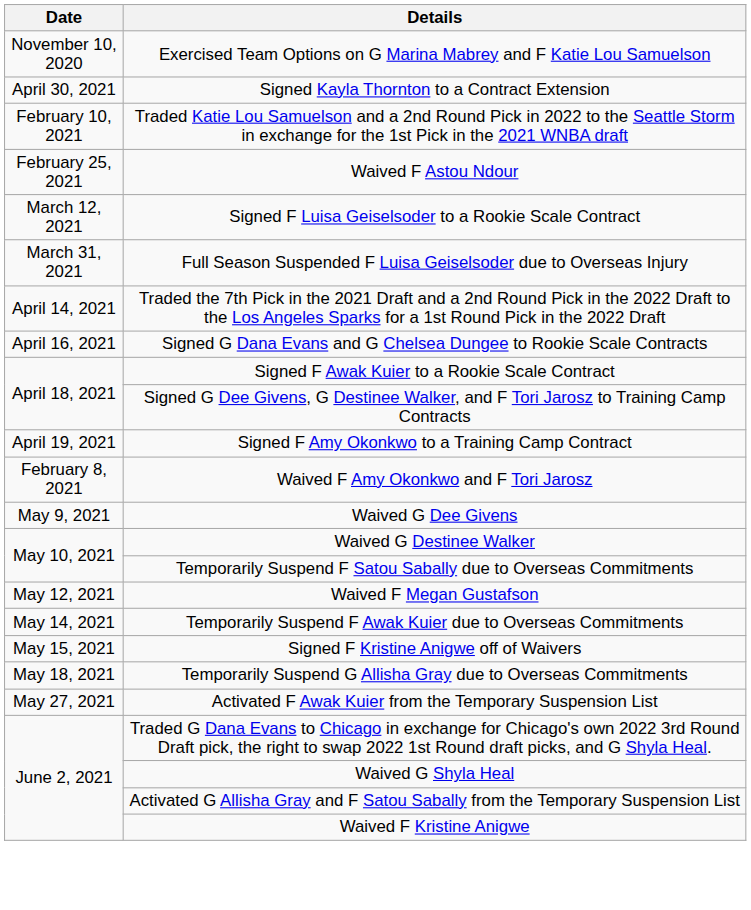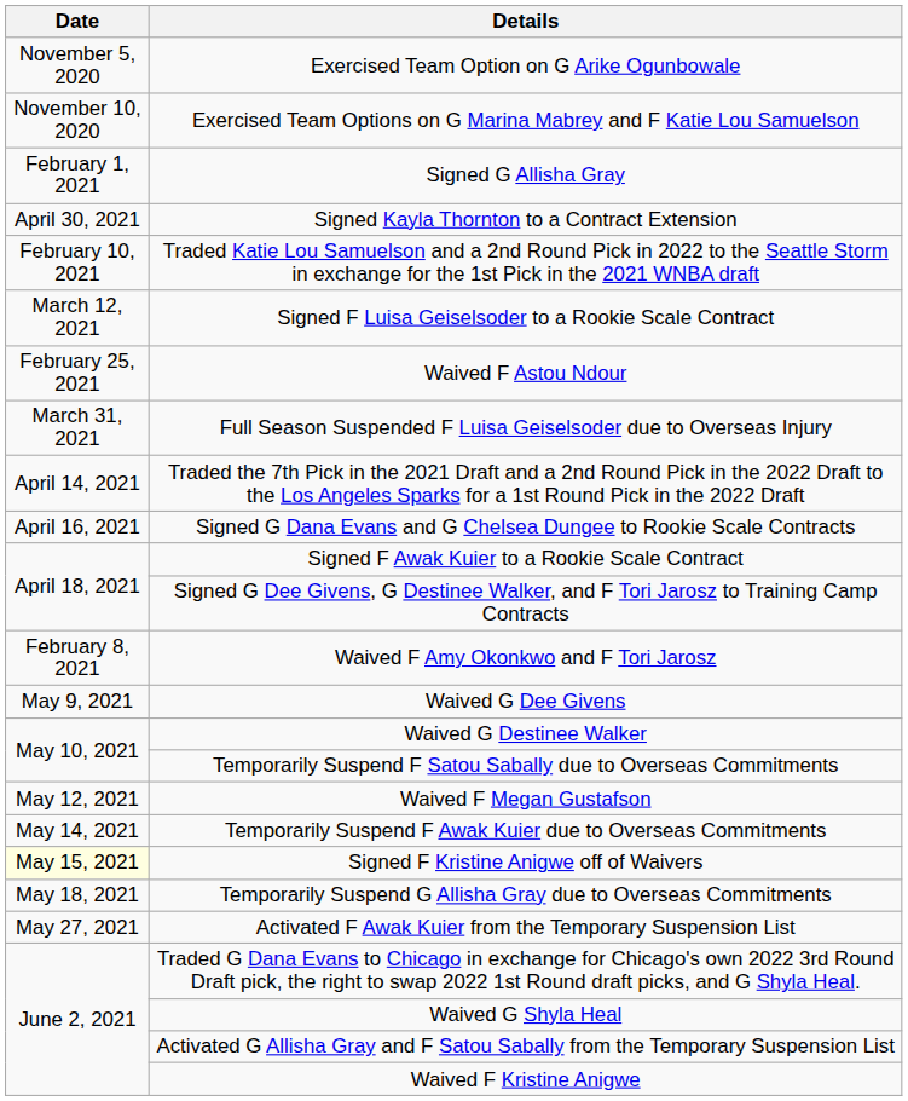 <table class="wikitable" style="width:80%; text-align: center;">
 <tr>
 <th>Date</th>
 <th>Details</th>
 </tr>
 <tr>
+<td>November 5, 2020</td>
+<td>Exercised Team Option on G <a href='#'>Arike Ogunbowale</a></td>
+</tr>
+<tr>
 <td>November 10, 2020</td>
 <td>Exercised Team Options on G <a href='#'>Marina Mabrey</a> and F <a href='#'>Katie Lou Samuelson</a></td>
+</tr>
+<tr>
+<td>February 1, 2021</td>
+<td>Signed G <a href='#'>Allisha Gray</a></td>
 </tr>
 <tr>
 <td>April 30, 2021</td>
 <td>Signed <a href='#'>Kayla Thornton</a> to a Contract Extension</td>
 </tr>
 <tr>
 <td>February 10, 2021</td>
 <td>Traded <a href='#'>Katie Lou Samuelson</a> and a 2nd Round Pick in 2022 to the <a href='#'>Seattle Storm</a> in exchange for the 1st Pick in the <a href='#'>2021 WNBA draft</a></td>
 </tr>
 <tr>
+<td>March 12, 2021</td>
+<td>Signed F <a href='#'>Luisa Geiselsoder</a> to a Rookie Scale Contract</td>
+</tr>
+<tr>
 <td>February 25, 2021</td>
 <td>Waived F <a href='#'>Astou Ndour</a></td>
-</tr>
-<tr>
-<td>March 12, 2021</td>
-<td>Signed F <a href='#'>Luisa Geiselsoder</a> to a Rookie Scale Contract</td>
 </tr>
 <tr>
 <td>March 31, 2021</td>
 <td>Full Season Suspended F <a href='#'>Luisa Geiselsoder</a> due to Overseas Injury</td>
 </tr>
 <tr>
 <td>April 14, 2021</td>
 <td>Traded the 7th Pick in the 2021 Draft and a 2nd Round Pick in the 2022 Draft to the <a href='#'>Los Angeles Sparks</a> for a 1st Round Pick in the 2022 Draft</td>
 </tr>
 <tr>
 <td>April 16, 2021</td>
 <td>Signed G <a href='#'>Dana Evans</a> and G <a href='#'>Chelsea Dungee</a> to Rookie Scale Contracts</td>
 </tr>
 <tr>
 <td rowspan=2>April 18, 2021</td>
 <td>Signed F <a href='#'>Awak Kuier</a> to a Rookie Scale Contract</td>
 </tr>
 <tr>
 <td>Signed G <a href='#'>Dee Givens</a>, G <a href='#'>Destinee Walker</a>, and F <a href='#'>Tori Jarosz</a> to Training Camp Contracts</td>
-</tr>
-<tr>
-<td>April 19, 2021</td>
-<td>Signed F <a href='#'>Amy Okonkwo</a> to a Training Camp Contract</td>
 </tr>
 <tr>
 <td>February 8, 2021</td>
 <td>Waived F <a href='#'>Amy Okonkwo</a> and F <a href='#'>Tori Jarosz</a></td>
 </tr>
 <tr>
 <td>May 9, 2021</td>
 <td>Waived G <a href='#'>Dee Givens</a></td>
 </tr>
 <tr>
 <td rowspan=2>May 10, 2021</td>
 <td>Waived G <a href='#'>Destinee Walker</a></td>
 </tr>
 <tr>
 <td>Temporarily Suspend F <a href='#'>Satou Sabally</a> due to Overseas Commitments</td>
 </tr>
 <tr>
 <td>May 12, 2021</td>
 <td>Waived F <a href='#'>Megan Gustafson</a></td>
 </tr>
 <tr>
 <td>May 14, 2021</td>
 <td>Temporarily Suspend F <a href='#'>Awak Kuier</a> due to Overseas Commitments</td>
 </tr>
 <tr>
-<td>May 15, 2021</td>
+<td style="background: lightyellow;">May 15, 2021</td>
 <td>Signed F <a href='#'>Kristine Anigwe</a> off of Waivers</td>
 </tr>
 <tr>
 <td>May 18, 2021</td>
 <td>Temporarily Suspend G <a href='#'>Allisha Gray</a> due to Overseas Commitments</td>
 </tr>
 <tr>
 <td>May 27, 2021</td>
 <td>Activated F <a href='#'>Awak Kuier</a> from the Temporary Suspension List</td>
 </tr>
 <tr>
 <td rowspan=4>June 2, 2021</td>
 <td>Traded G <a href='#'>Dana Evans</a> to <a href='#'>Chicago</a> in exchange for Chicago's own 2022 3rd Round Draft pick, the right to swap 2022 1st Round draft picks, and G <a href='#'>Shyla Heal</a>.</td>
 </tr>
 <tr>
 <td>Waived G <a href='#'>Shyla Heal</a></td>
 </tr>
 <tr>
 <td>Activated G <a href='#'>Allisha Gray</a> and F <a href='#'>Satou Sabally</a> from the Temporary Suspension List</td>
 </tr>
 <tr>
 <td>Waived F <a href='#'>Kristine Anigwe</a></td>
 </tr>
 </table>
